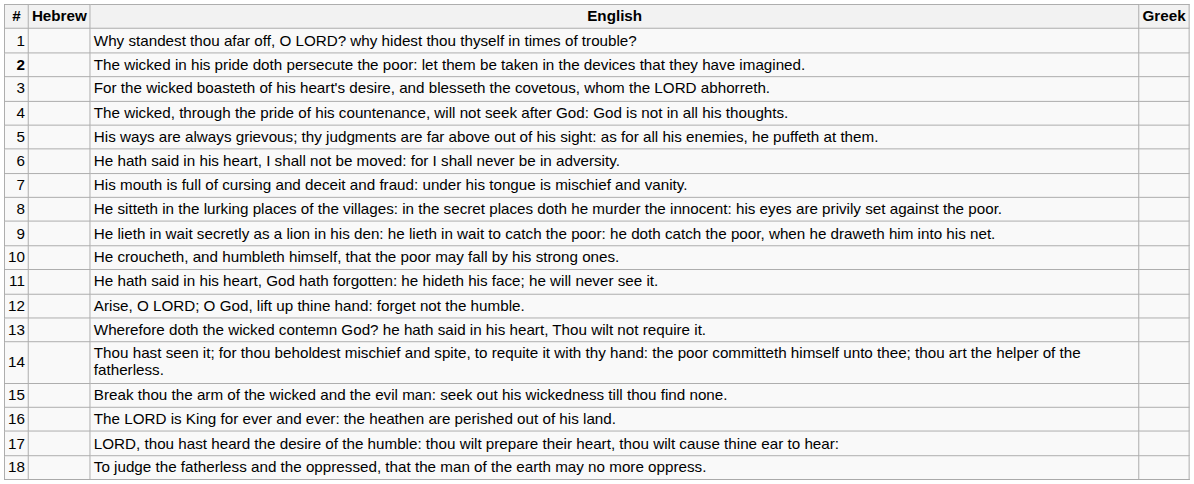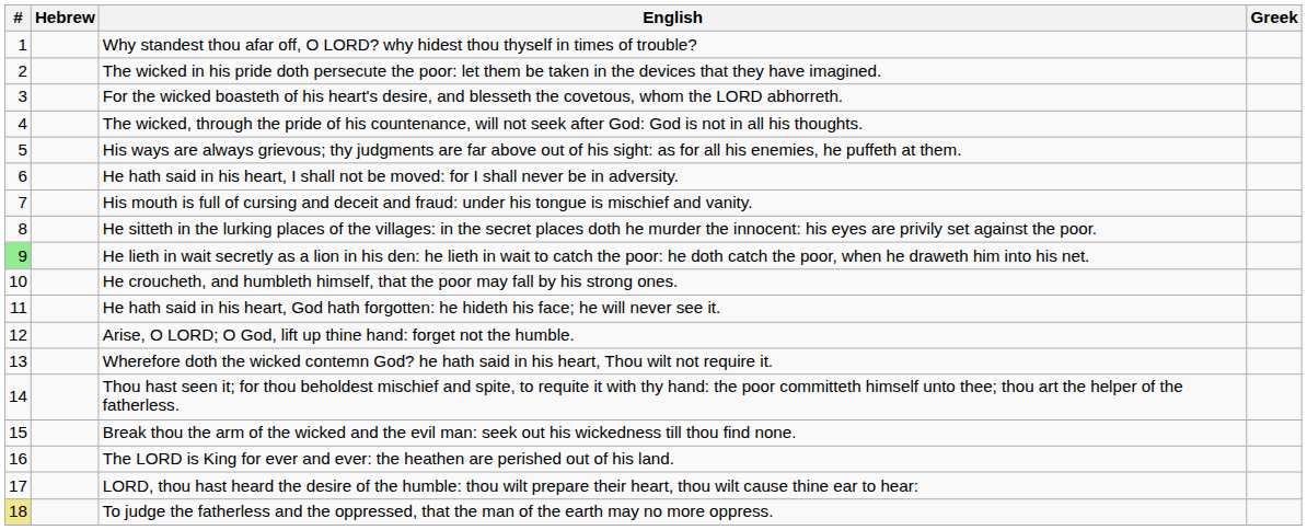 <table class=wikitable>
 <tr>
 <th>#</th>
 <th>Hebrew</th>
 <th>English</th>
 <th>Greek</th>
 </tr>
 <tr>
 <td style="text-align:right">1</td>
 <td style="text-align:right"></td>
 <td>Why standest thou afar off, O LORD? why hidest thou thyself in times of trouble?</td>
 <td></td>
 </tr>
 <tr>
-<td style="text-align:right"><strong>2</strong></td>
+<td style="text-align:right">2</td>
 <td style="text-align:right"></td>
 <td>The wicked in his pride doth persecute the poor: let them be taken in the devices that they have imagined.</td>
 <td></td>
 </tr>
 <tr>
 <td style="text-align:right">3</td>
 <td style="text-align:right"></td>
 <td>For the wicked boasteth of his heart's desire, and blesseth the covetous, whom the LORD abhorreth.</td>
 <td></td>
 </tr>
 <tr>
 <td style="text-align:right">4</td>
 <td style="text-align:right"></td>
 <td>The wicked, through the pride of his countenance, will not seek after God: God is not in all his thoughts.</td>
 <td></td>
 </tr>
 <tr>
 <td style="text-align:right">5</td>
 <td style="text-align:right"></td>
 <td>His ways are always grievous; thy judgments are far above out of his sight: as for all his enemies, he puffeth at them.</td>
 <td></td>
 </tr>
 <tr>
 <td style="text-align:right">6</td>
 <td style="text-align:right"></td>
 <td>He hath said in his heart, I shall not be moved: for I shall never be in adversity.</td>
 <td></td>
 </tr>
 <tr>
 <td style="text-align:right">7</td>
 <td style="text-align:right"></td>
 <td>His mouth is full of cursing and deceit and fraud: under his tongue is mischief and vanity.</td>
 <td></td>
 </tr>
 <tr>
 <td style="text-align:right">8</td>
 <td style="text-align:right"></td>
 <td>He sitteth in the lurking places of the villages: in the secret places doth he murder the innocent: his eyes are privily set against the poor.</td>
 <td></td>
 </tr>
 <tr>
-<td style="text-align:right">9</td>
+<td style="background: lightgreen; text-align:right">9</td>
 <td style="text-align:right"></td>
 <td>He lieth in wait secretly as a lion in his den: he lieth in wait to catch the poor: he doth catch the poor, when he draweth him into his net.</td>
 <td></td>
 </tr>
 <tr>
 <td style="text-align:right">10</td>
 <td style="text-align:right"></td>
 <td>He croucheth, and humbleth himself, that the poor may fall by his strong ones.</td>
 <td></td>
 </tr>
 <tr>
 <td style="text-align:right">11</td>
 <td style="text-align:right"></td>
 <td>He hath said in his heart, God hath forgotten: he hideth his face; he will never see it.</td>
 <td></td>
 </tr>
 <tr>
 <td style="text-align:right">12</td>
 <td style="text-align:right"></td>
 <td>Arise, O LORD; O God, lift up thine hand: forget not the humble.</td>
 <td></td>
 </tr>
 <tr>
 <td style="text-align:right">13</td>
 <td style="text-align:right"></td>
 <td>Wherefore doth the wicked contemn God? he hath said in his heart, Thou wilt not require it.</td>
 <td></td>
 </tr>
 <tr>
 <td style="text-align:right">14</td>
 <td style="text-align:right"></td>
 <td>Thou hast seen it; for thou beholdest mischief and spite, to requite it with thy hand: the poor committeth himself unto thee; thou art the helper of the fatherless.</td>
 <td></td>
 </tr>
 <tr>
 <td style="text-align:right">15</td>
 <td style="text-align:right"></td>
 <td>Break thou the arm of the wicked and the evil man: seek out his wickedness till thou find none.</td>
 <td></td>
 </tr>
 <tr>
 <td style="text-align:right">16</td>
 <td style="text-align:right"></td>
 <td>The LORD is King for ever and ever: the heathen are perished out of his land.</td>
 <td></td>
 </tr>
 <tr>
 <td style="text-align:right">17</td>
 <td style="text-align:right"></td>
 <td>LORD, thou hast heard the desire of the humble: thou wilt prepare their heart, thou wilt cause thine ear to hear:</td>
 <td></td>
 </tr>
 <tr>
-<td style="text-align:right">18</td>
+<td style="background: khaki; text-align:right">18</td>
 <td style="text-align:right"></td>
 <td>To judge the fatherless and the oppressed, that the man of the earth may no more oppress.</td>
 <td></td>
 </tr>
 <tr>
 </tr>
 </table>
